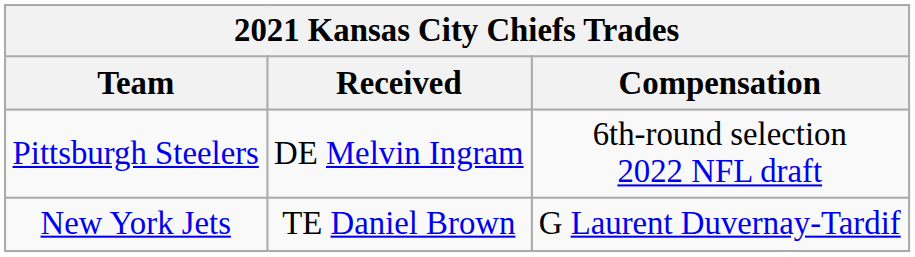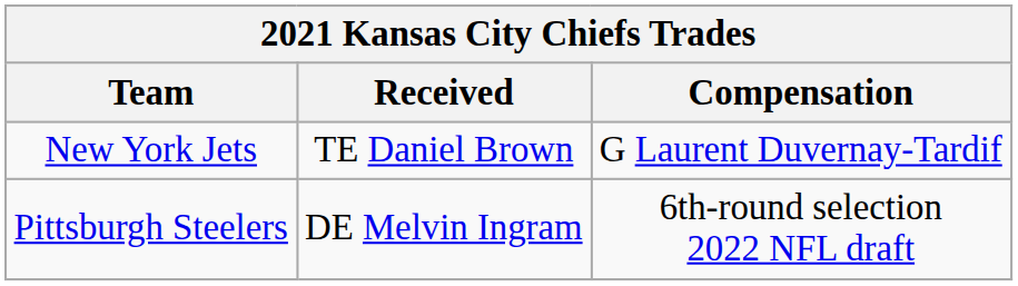 <table class="wikitable" style="text-align:center">
 <tr>
 <th colspan=3>2021 Kansas City Chiefs Trades</th>
 </tr>
 <tr>
 <th>Team</th>
 <th>Received</th>
 <th>Compensation</th>
 </tr>
 <tr>
+<td><a href='#'>New York Jets</a></td>
+<td>TE <a href='#'>Daniel Brown</a></td>
+<td>G <a href='#'>Laurent Duvernay-Tardif</a></td>
+</tr>
+<tr>
 <td><a href='#'>Pittsburgh Steelers</a></td>
 <td>DE <a href='#'>Melvin Ingram</a></td>
 <td>6th-round selection<br><a href='#'>2022 NFL draft</a></td>
 </tr>
-<tr>
-<td><a href='#'>New York Jets</a></td>
-<td>TE <a href='#'>Daniel Brown</a></td>
-<td>G <a href='#'>Laurent Duvernay-Tardif</a></td>
-</tr>
 </table>
